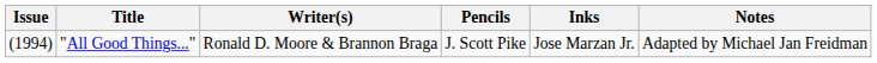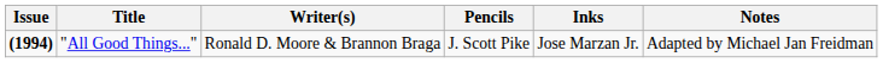 <table class="wikitable">
 <tr>
 <th>Issue</th>
 <th>Title</th>
 <th>Writer(s)</th>
 <th>Pencils</th>
 <th>Inks</th>
 <th>Notes</th>
 </tr>
 <tr>
-<td>(1994)</td>
+<td><strong>(1994)</strong></td>
 <td>"<a href='#'>All Good Things...</a>"</td>
 <td>Ronald D. Moore & Brannon Braga</td>
 <td>J. Scott Pike</td>
 <td>Jose Marzan Jr.</td>
 <td>Adapted by Michael Jan Freidman</td>
 </tr>
 </table>
